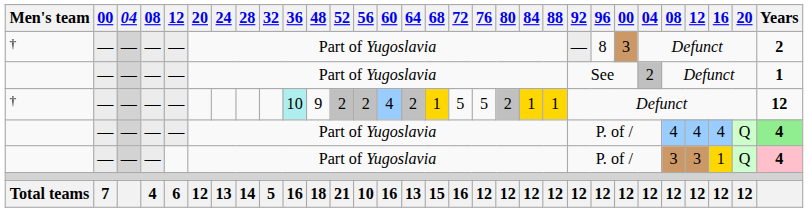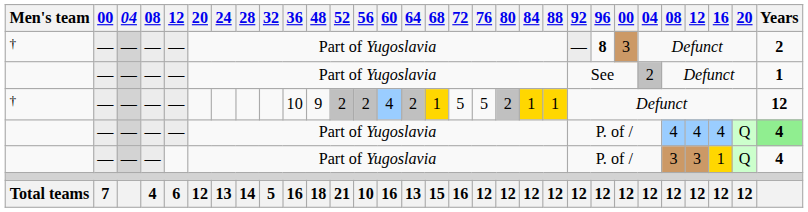 <table class="wikitable" style="text-align: center; font-size: 90%; margin-left: 1em;">
 <tr>
 <th>Men's team</th>
 <th><a href='#'>00</a></th>
 <th><em><a href='#'>04</a></em></th>
 <th><a href='#'>08</a></th>
 <th><a href='#'>12</a></th>
 <th><a href='#'>20</a></th>
 <th><a href='#'>24</a></th>
 <th><a href='#'>28</a></th>
 <th><a href='#'>32</a></th>
 <th><a href='#'>36</a></th>
 <th><a href='#'>48</a></th>
 <th><a href='#'>52</a></th>
 <th><a href='#'>56</a></th>
 <th><a href='#'>60</a></th>
 <th><a href='#'>64</a></th>
 <th><a href='#'>68</a></th>
 <th><a href='#'>72</a></th>
 <th><a href='#'>76</a></th>
 <th><a href='#'>80</a></th>
 <th><a href='#'>84</a></th>
 <th><a href='#'>88</a></th>
 <th><a href='#'>92</a></th>
 <th><a href='#'>96</a></th>
 <th><a href='#'>00</a></th>
 <th><a href='#'>04</a></th>
 <th><a href='#'>08</a></th>
 <th><a href='#'>12</a></th>
 <th><a href='#'>16</a></th>
 <th><a href='#'>20</a></th>
 <th>Years</th>
 </tr>
 <tr>
 <td style="text-align: left;"><em></em><sup>†</sup></td>
 <td style="background-color: #ececec;">—</td>
 <td style="background-color: lightgray;">—</td>
 <td style="background-color: #ececec;">—</td>
 <td style="background-color: #ececec;">—</td>
 <td colspan="16">Part of <em>Yugoslavia</em></td>
 <td style="background-color: #ececec;">—</td>
-<td>8</td>
+<td><strong>8</strong></td>
 <td style="background-color: #cc9966;">3</td>
 <td colspan="5"><em>Defunct</em></td>
 <td><strong>2</strong></td>
 </tr>
 <tr>
 <td style="text-align: left;"></td>
 <td style="background-color: #ececec;">—</td>
 <td style="background-color: lightgray;">—</td>
 <td style="background-color: #ececec;">—</td>
 <td style="background-color: #ececec;">—</td>
 <td colspan="16">Part of <em>Yugoslavia</em></td>
 <td colspan="3">See <em></em></td>
 <td style="background-color: silver;">2</td>
 <td colspan="4"><em>Defunct</em></td>
 <td><strong>1</strong></td>
 </tr>
 <tr>
 <td style="text-align: left;"><em></em><sup>†</sup></td>
 <td style="background-color: #ececec;">—</td>
 <td style="background-color: lightgray;">—</td>
 <td style="background-color: #ececec;">—</td>
 <td style="background-color: #ececec;">—</td>
 <td></td>
 <td></td>
 <td></td>
 <td></td>
-<td style="background: paleturquoise;">10</td>
+<td>10</td>
 <td>9</td>
 <td style="background-color: silver;">2</td>
 <td style="background-color: silver;">2</td>
 <td style="background-color: #9acdff;">4</td>
 <td style="background-color: silver;">2</td>
 <td style="background-color: gold;">1</td>
 <td>5</td>
 <td>5</td>
 <td style="background-color: silver;">2</td>
 <td style="background-color: gold;">1</td>
 <td style="background-color: gold;">1</td>
 <td colspan="8"><em>Defunct</em></td>
 <td><strong>12</strong></td>
 </tr>
 <tr>
 <td style="text-align: left;"></td>
 <td style="background-color: #ececec;">—</td>
 <td style="background-color: lightgray;">—</td>
 <td style="background-color: #ececec;">—</td>
 <td style="background-color: #ececec;">—</td>
 <td colspan="16">Part of <em>Yugoslavia</em></td>
 <td colspan="4">P. of <em></em> / <em></em></td>
 <td style="background-color: #9acdff;">4</td>
 <td style="background-color: #9acdff;">4</td>
 <td style="background-color: #9acdff;">4</td>
 <td style="background-color: #ccffcc;">Q</td>
 <td style="background: lightgreen;"><strong>4</strong></td>
 </tr>
 <tr>
 <td style="text-align: left;"></td>
 <td style="background-color: #ececec;">—</td>
 <td style="background-color: lightgray;">—</td>
 <td style="background-color: #ececec;">—</td>
 <td></td>
 <td colspan="16">Part of <em>Yugoslavia</em></td>
 <td colspan="4">P. of <em></em> / <em></em></td>
 <td style="background-color: #cc9966;">3</td>
 <td style="background-color: #cc9966;">3</td>
 <td style="background-color: gold;">1</td>
 <td style="background-color: #ccffcc;">Q</td>
-<td style="background: pink;"><strong>4</strong></td>
+<td><strong>4</strong></td>
 </tr>
 <tr style="background-color: lightgrey;">
 <td colspan="30"></td>
 </tr>
 <tr>
 <th>Total teams</th>
 <th>7</th>
 <th></th>
 <th>4</th>
 <th>6</th>
 <th>12</th>
 <th>13</th>
 <th>14</th>
 <th>5</th>
 <th>16</th>
 <th>18</th>
 <th>21</th>
 <th>10</th>
 <th>16</th>
 <th>13</th>
 <th>15</th>
 <th>16</th>
 <th>12</th>
 <th>12</th>
 <th>12</th>
 <th>12</th>
 <th>12</th>
 <th>12</th>
 <th>12</th>
 <th>12</th>
 <th>12</th>
 <th>12</th>
 <th>12</th>
 <th>12</th>
 <th></th>
 </tr>
 </table>
